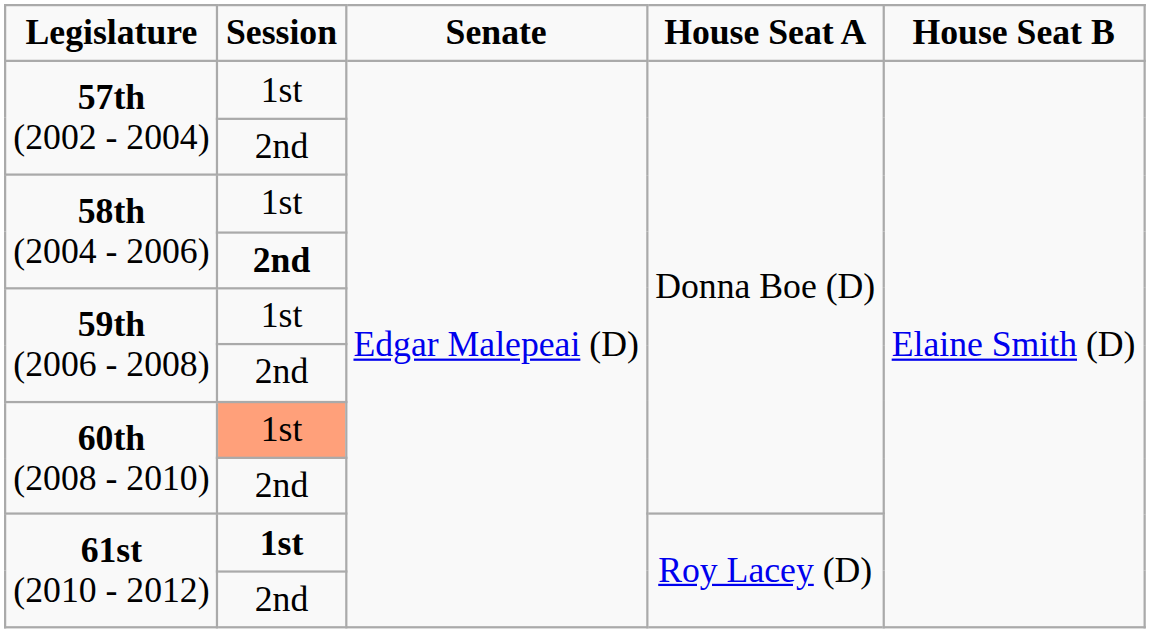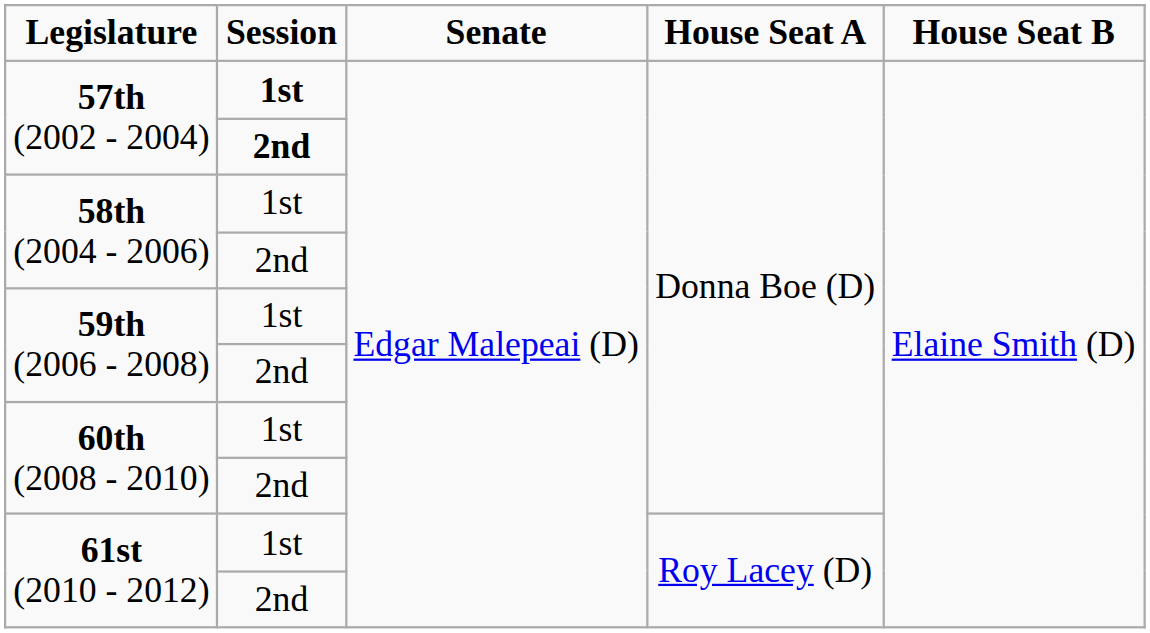 <table class=wikitable style="text-align:center">
 <tr>
 <td><strong>Legislature</strong></td>
 <td><strong>Session</strong></td>
 <td><strong>Senate</strong></td>
 <td><strong>House Seat A</strong></td>
 <td><strong>House Seat B</strong></td>
 </tr>
 <tr>
 <td rowspan="2" colspan="1" style="text-align: center;"><strong>57th</strong> <br> (2002 - 2004)</td>
-<td>1st</td>
+<td><strong>1st</strong></td>
 <td rowspan="10" colspan="1" style="text-align: center;" ><a href='#'>Edgar Malepeai</a> (D)</td>
 <td rowspan="8" colspan="1" style="text-align: center;" >Donna Boe (D)</td>
 <td rowspan="10" colspan="1" style="text-align: center;" ><a href='#'>Elaine Smith</a> (D)</td>
 </tr>
 <tr>
-<td>2nd</td>
+<td><strong>2nd</strong></td>
 </tr>
 <tr>
 <td rowspan="2" colspan="1" style="text-align: center;"><strong>58th</strong> <br> (2004 - 2006)</td>
 <td>1st</td>
 </tr>
 <tr>
-<td><strong>2nd</strong></td>
+<td>2nd</td>
 </tr>
 <tr>
 <td rowspan="2" colspan="1" style="text-align: center;"><strong>59th</strong> <br> (2006 - 2008)</td>
 <td>1st</td>
 </tr>
 <tr>
 <td>2nd</td>
 </tr>
 <tr>
 <td rowspan="2" colspan="1" style="text-align: center;"><strong>60th</strong> <br> (2008 - 2010)</td>
-<td style="background: lightsalmon;">1st</td>
+<td>1st</td>
 </tr>
 <tr>
 <td>2nd</td>
 </tr>
 <tr>
 <td rowspan="2" colspan="1" style="text-align: center;"><strong>61st</strong> <br> (2010 - 2012)</td>
-<td><strong>1st</strong></td>
+<td>1st</td>
 <td rowspan="2" colspan="1" style="text-align: center;" ><a href='#'>Roy Lacey</a> (D)</td>
 </tr>
 <tr>
 <td>2nd</td>
 </tr>
 </table>
